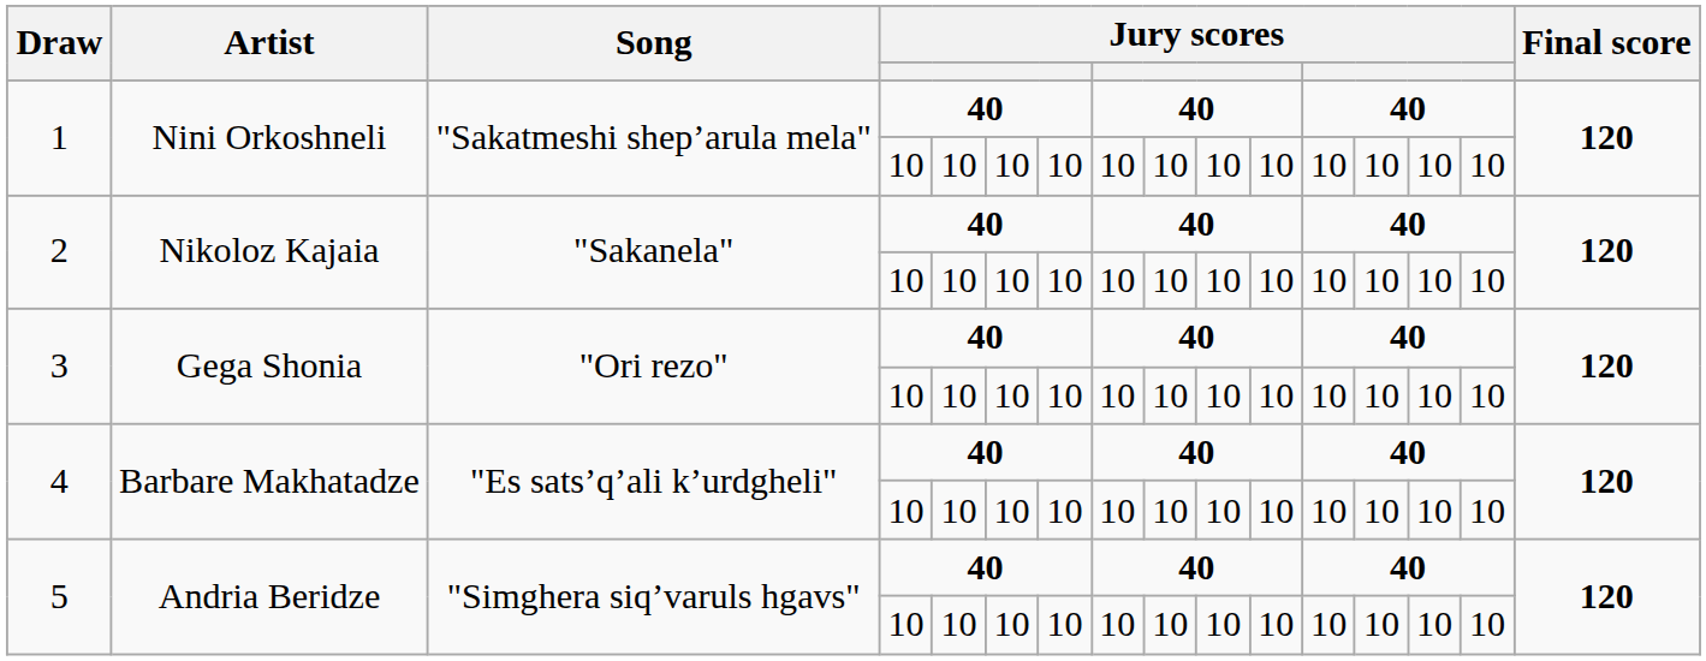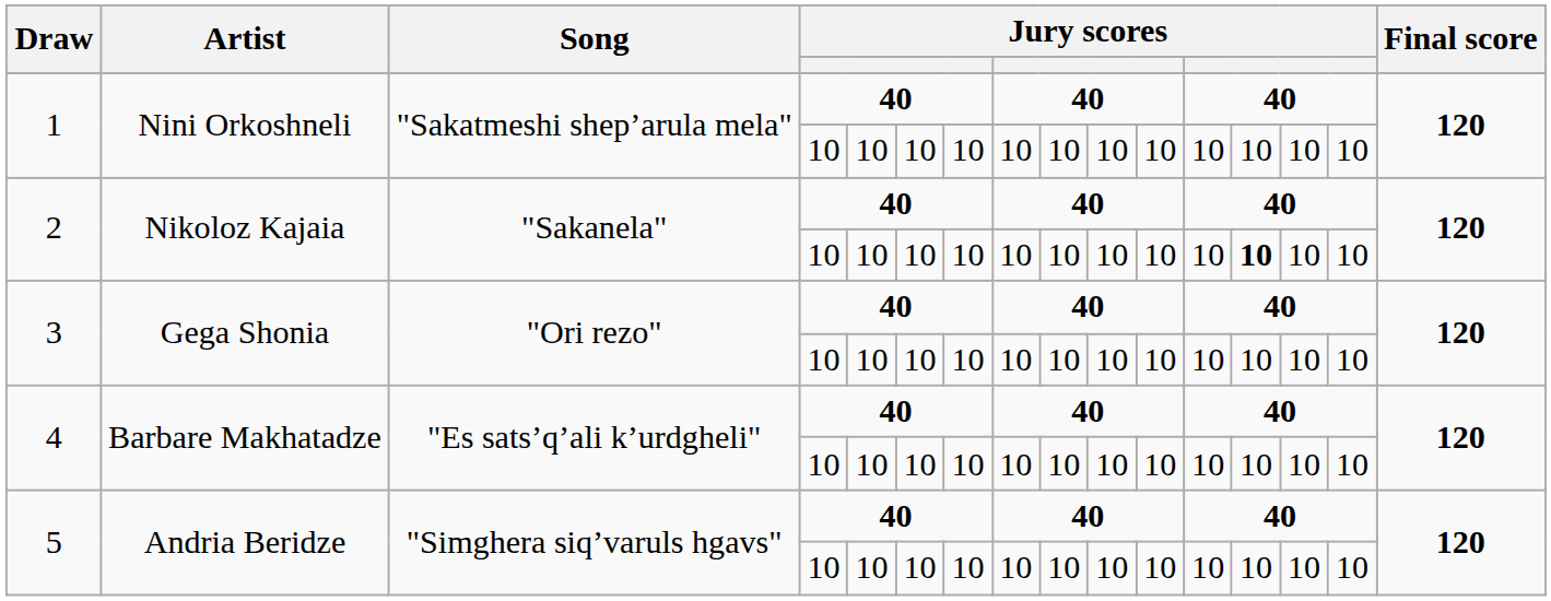 <table class="sortable wikitable" style="text-align:center;margin:1em auto 1em auto">
 <tr>
 <th scope="col" rowspan=2>Draw</th>
 <th scope="col" rowspan=2>Artist</th>
 <th scope="col" rowspan=2>Song</th>
 <th scope="col" colspan=12>Jury scores</th>
 <th scope="col" rowspan=2>Final score</th>
 </tr>
 <tr>
 <th scope="col" class="unsortable" colspan=4><small></small></th>
 <th scope="col" class="unsortable" colspan=4><small></small></th>
 <th scope="col" class="unsortable" colspan=4><small></small></th>
 </tr>
 <tr>
 <td rowspan=2>1</td>
 <td rowspan=2>Nini Orkoshneli<br></td>
 <td rowspan=2>"Sakatmeshi shep’arula mela"<br></td>
 <td colspan=4><strong>40</strong></td>
 <td colspan=4><strong>40</strong></td>
 <td colspan=4><strong>40</strong></td>
 <td rowspan=2><strong>120</strong></td>
 </tr>
 <tr>
 <td>10</td>
 <td>10</td>
 <td>10</td>
 <td>10</td>
 <td>10</td>
 <td>10</td>
 <td>10</td>
 <td>10</td>
 <td>10</td>
 <td>10</td>
 <td>10</td>
 <td>10</td>
 </tr>
 <tr>
 <td rowspan=2>2</td>
 <td rowspan=2>Nikoloz Kajaia<br></td>
 <td rowspan=2>"Sakanela"<br></td>
 <td colspan=4><strong>40</strong></td>
 <td colspan=4><strong>40</strong></td>
 <td colspan=4><strong>40</strong></td>
 <td rowspan=2><strong>120</strong></td>
 </tr>
 <tr>
 <td>10</td>
 <td>10</td>
 <td>10</td>
 <td>10</td>
 <td>10</td>
 <td>10</td>
 <td>10</td>
 <td>10</td>
 <td>10</td>
-<td>10</td>
+<td><strong>10</strong></td>
 <td>10</td>
 <td>10</td>
 </tr>
 <tr>
 <td rowspan=2>3</td>
 <td rowspan=2>Gega Shonia<br></td>
 <td rowspan=2>"Ori rezo"<br></td>
 <td colspan=4><strong>40</strong></td>
 <td colspan=4><strong>40</strong></td>
 <td colspan=4><strong>40</strong></td>
 <td rowspan=2><strong>120</strong></td>
 </tr>
 <tr>
 <td>10</td>
 <td>10</td>
 <td>10</td>
 <td>10</td>
 <td>10</td>
 <td>10</td>
 <td>10</td>
 <td>10</td>
 <td>10</td>
 <td>10</td>
 <td>10</td>
 <td>10</td>
 </tr>
 <tr>
 <td rowspan=2>4</td>
 <td rowspan=2>Barbare Makhatadze<br></td>
 <td rowspan=2>"Es sats’q’ali k’urdgheli"<br></td>
 <td colspan=4><strong>40</strong></td>
 <td colspan=4><strong>40</strong></td>
 <td colspan=4><strong>40</strong></td>
 <td rowspan=2><strong>120</strong></td>
 </tr>
 <tr>
 <td>10</td>
 <td>10</td>
 <td>10</td>
 <td>10</td>
 <td>10</td>
 <td>10</td>
 <td>10</td>
 <td>10</td>
 <td>10</td>
 <td>10</td>
 <td>10</td>
 <td>10</td>
 </tr>
 <tr>
 <td rowspan=2>5</td>
 <td rowspan=2>Andria Beridze<br></td>
 <td rowspan=2>"Simghera siq’varuls hgavs"<br></td>
 <td colspan=4><strong>40</strong></td>
 <td colspan=4><strong>40</strong></td>
 <td colspan=4><strong>40</strong></td>
 <td rowspan=2><strong>120</strong></td>
 </tr>
 <tr>
 <td>10</td>
 <td>10</td>
 <td>10</td>
 <td>10</td>
 <td>10</td>
 <td>10</td>
 <td>10</td>
 <td>10</td>
 <td>10</td>
 <td>10</td>
 <td>10</td>
 <td>10</td>
 </tr>
 </table>
